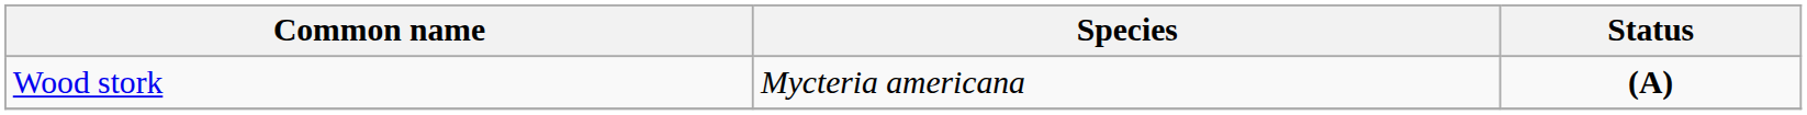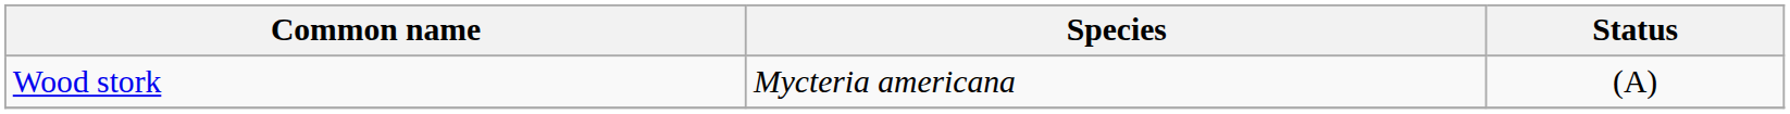 <table width=70% class="wikitable">
 <tr>
 <th width=20%>Common name</th>
 <th width=20%>Species</th>
 <th width=8%>Status</th>
 </tr>
 <tr>
 <td><a href='#'>Wood stork</a></td>
 <td><em>Mycteria americana</em></td>
-<td align=center><strong>(A)</strong></td>
+<td align=center>(A)</td>
 </tr>
 <tr>
 </tr>
 </table>
